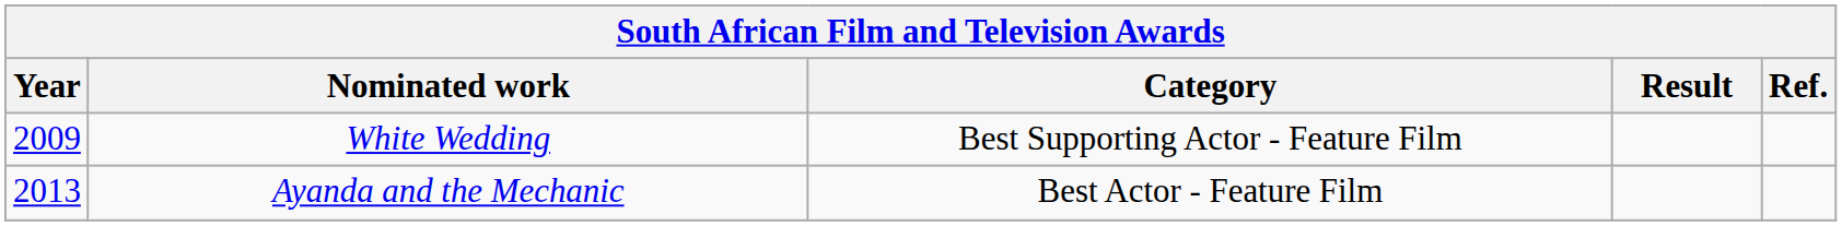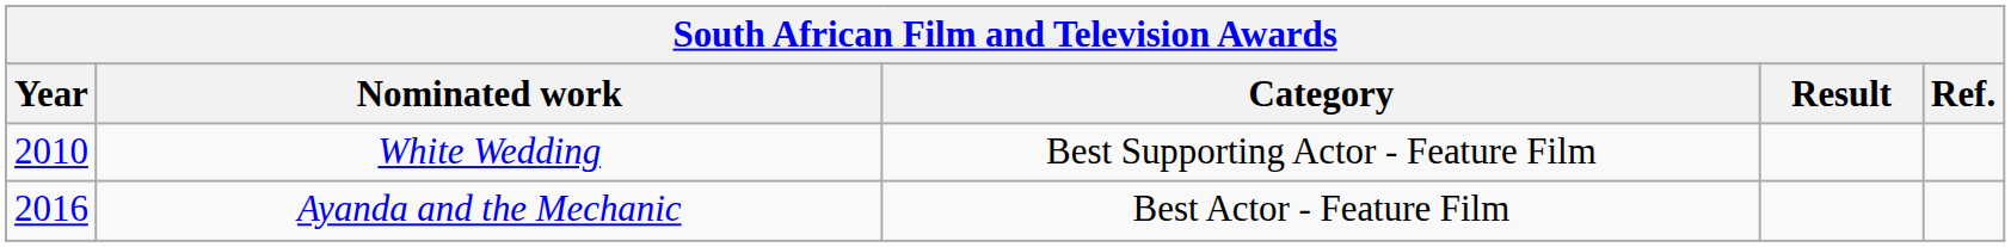 <table class="wikitable">
 <tr>
 <th colspan="5" align="center"><a href='#'>South African Film and Television Awards</a></th>
 </tr>
 <tr>
 <th scope="col" style="width:1em;">Year</th>
 <th scope="col" style="width:35em;">Nominated work</th>
 <th scope="col" style="width:40em;">Category</th>
 <th scope="col" style="width:5em;">Result</th>
 <th scope="col" style="width:1em;">Ref.</th>
 </tr>
 <tr>
-<td align="center"><a href='#'>2009</a></td>
+<td align="center"><a href='#'>2010</a></td>
 <td align="center"><em><a href='#'>White Wedding</a></em></td>
 <td align="center">Best Supporting Actor - Feature Film</td>
 <td></td>
 <td align="center"></td>
 </tr>
 <tr>
-<td align="center"><a href='#'>2013</a></td>
+<td align="center"><a href='#'>2016</a></td>
 <td align="center"><em><a href='#'>Ayanda and the Mechanic</a></em></td>
 <td align="center">Best Actor - Feature Film</td>
 <td></td>
 <td></td>
 </tr>
 </table>
